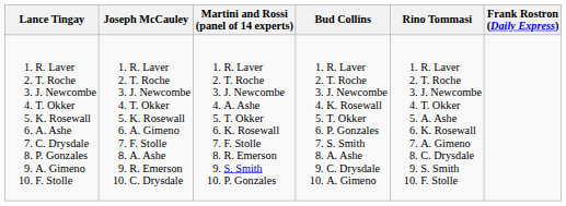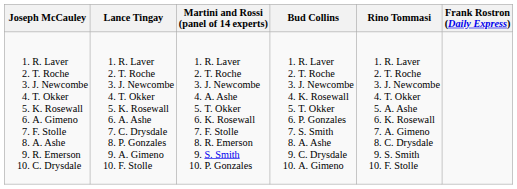 <table class="wikitable">
 <tr>
+<th>Joseph McCauley<em></em></th>
 <th>Lance Tingay</th>
-<th>Joseph McCauley<em></em></th>
 <th>Martini and Rossi<br>(panel of 14 experts)</th>
 <th>Bud Collins</th>
 <th>Rino Tommasi</th>
 <th>Frank Rostron<em></em><br>(<em><a href='#'>Daily Express</a></em>)</th>
 </tr>
 <tr style="vertical-align: top;">
+<td style="white-space: nowrap;"><br><ol><li> R. Laver</li><li> T. Roche</li><li> J. Newcombe</li><li> T. Okker</li><li> K. Rosewall</li><li> A. Gimeno</li><li> F. Stolle</li><li> A. Ashe</li><li> R. Emerson</li><li> C. Drysdale</li></ol></td>
 <td style="white-space: nowrap;"><br><ol><li> R. Laver</li><li> T. Roche</li><li> J. Newcombe</li><li> T. Okker</li><li> K. Rosewall</li><li> A. Ashe</li><li> C. Drysdale</li><li> P. Gonzales</li><li> A. Gimeno</li><li> F. Stolle</li></ol></td>
-<td style="white-space: nowrap;"><br><ol><li> R. Laver</li><li> T. Roche</li><li> J. Newcombe</li><li> T. Okker</li><li> K. Rosewall</li><li> A. Gimeno</li><li> F. Stolle</li><li> A. Ashe</li><li> R. Emerson</li><li> C. Drysdale</li></ol></td>
 <td style="white-space: nowrap;"><br><ol><li> R. Laver</li><li> T. Roche</li><li> J. Newcombe</li><li> A. Ashe</li><li> T. Okker</li><li> K. Rosewall</li><li> F. Stolle</li><li> R. Emerson</li><li> <a href='#'>S. Smith</a></li><li> P. Gonzales</li></ol></td>
 <td style="white-space: nowrap;"><br><ol><li> R. Laver</li><li> T. Roche</li><li> J. Newcombe</li><li> K. Rosewall</li><li> T. Okker</li><li> P. Gonzales</li><li> S. Smith</li><li> A. Ashe</li><li> C. Drysdale</li><li> A. Gimeno</li></ol></td>
 <td style="white-space: nowrap;"><br><ol><li> R. Laver</li><li> T. Roche</li><li> J. Newcombe</li><li> T. Okker</li><li> A. Ashe</li><li> K. Rosewall</li><li> A. Gimeno</li><li> C. Drysdale</li><li> S. Smith</li><li> F. Stolle</li></ol></td>
 <td style="white-space: nowrap;"><br></td>
 </tr>
 </table>
